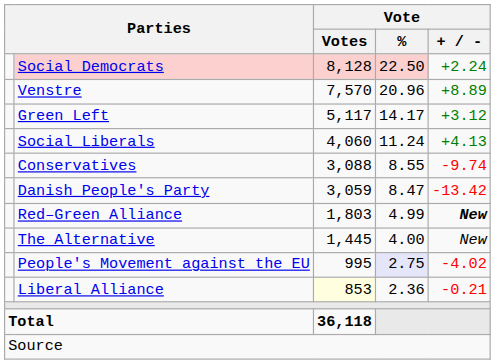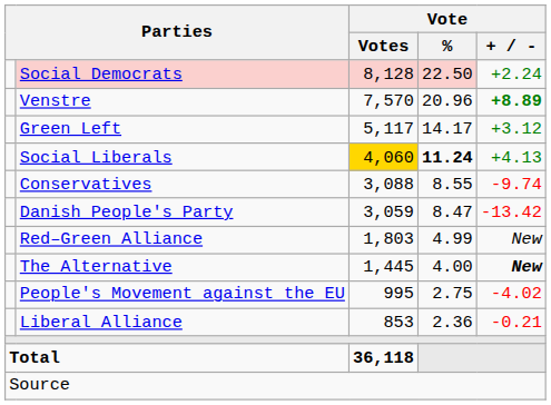 <table class="wikitable" style="text-align:right;">
 <tr>
 <th style="text-align:centre;" rowspan="2" colspan="2" width="225">Parties</th>
 <th colspan="3">Vote</th>
 </tr>
 <tr>
 <th width="15">Votes</th>
 <th width="15">%</th>
 <th width="15">+ / -</th>
 </tr>
 <tr>
 <td width="2" style="color:inherit;background:"></td>
 <td bgcolor=#fbd0ce   align="left"><a href='#'>Social Democrats</a></td>
 <td bgcolor=#fbd0ce>8,128</td>
 <td bgcolor=#fbd0ce>22.50</td>
 <td style=color:green;>+2.24</td>
 </tr>
 <tr>
 <td width="2" style="color:inherit;background:"></td>
 <td align="left"><a href='#'>Venstre</a></td>
 <td>7,570</td>
 <td>20.96</td>
-<td style=color:green;>+8.89</td>
+<td style=color:green;><strong>+8.89</strong></td>
 </tr>
 <tr>
 <td width="2" style="color:inherit;background:"></td>
 <td align="left"><a href='#'>Green Left</a></td>
 <td>5,117</td>
 <td>14.17</td>
 <td style=color:green;>+3.12</td>
 </tr>
 <tr>
 <td width="2" style="color:inherit;background:"></td>
 <td align="left"><a href='#'>Social Liberals</a></td>
-<td>4,060</td>
-<td>11.24</td>
+<td style="background: gold;">4,060</td>
+<td><strong>11.24</strong></td>
 <td style=color:green;>+4.13</td>
 </tr>
 <tr>
 <td width="2" style="color:inherit;background:"></td>
 <td align="left"><a href='#'>Conservatives</a></td>
 <td>3,088</td>
 <td>8.55</td>
 <td style=color:red;>-9.74</td>
 </tr>
 <tr>
 <td width="2" style="color:inherit;background:"></td>
 <td align="left"><a href='#'>Danish People's Party</a></td>
 <td>3,059</td>
 <td>8.47</td>
 <td style=color:red;>-13.42</td>
 </tr>
 <tr>
 <td width="2" style="color:inherit;background:"></td>
 <td align="left"><a href='#'>Red–Green Alliance</a></td>
 <td>1,803</td>
 <td>4.99</td>
-<td><strong><em>New</em></strong></td>
+<td><em>New</em></td>
 </tr>
 <tr>
 <td width="2" style="color:inherit;background:"></td>
 <td align="left"><a href='#'>The Alternative</a></td>
 <td>1,445</td>
 <td>4.00</td>
-<td><em>New</em></td>
+<td><strong><em>New</em></strong></td>
 </tr>
 <tr>
 <td width="2" style="color:inherit;background:"></td>
 <td align="left"><a href='#'>People's Movement against the EU</a></td>
 <td>995</td>
-<td style="background: lavender;">2.75</td>
+<td>2.75</td>
 <td style=color:red;>-4.02</td>
 </tr>
 <tr>
 <td width="2" style="color:inherit;background:"></td>
 <td align="left"><a href='#'>Liberal Alliance</a></td>
-<td style="background: lightyellow;">853</td>
+<td>853</td>
 <td>2.36</td>
 <td style=color:red;>-0.21</td>
 </tr>
 <tr>
 <td colspan="7" bgcolor="#E9E9E9"></td>
 </tr>
 <tr>
 <td align="left" colspan="2"><strong>Total</strong></td>
 <td><strong>36,118</strong></td>
 <td bgcolor="#E9E9E9" colspan="2"></td>
 </tr>
 <tr>
 <td align="left" colspan="6">Source</td>
 </tr>
 </table>
